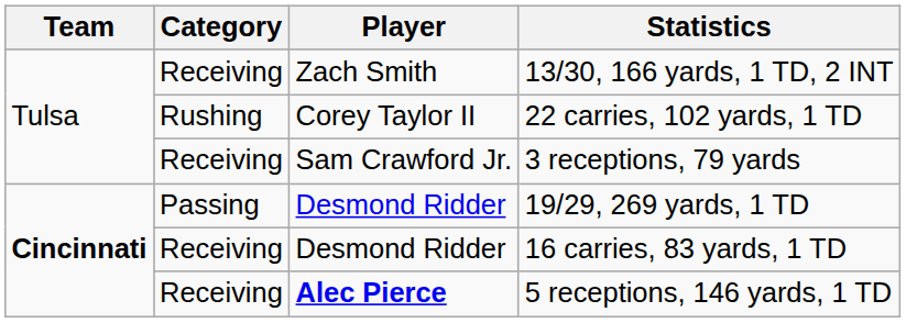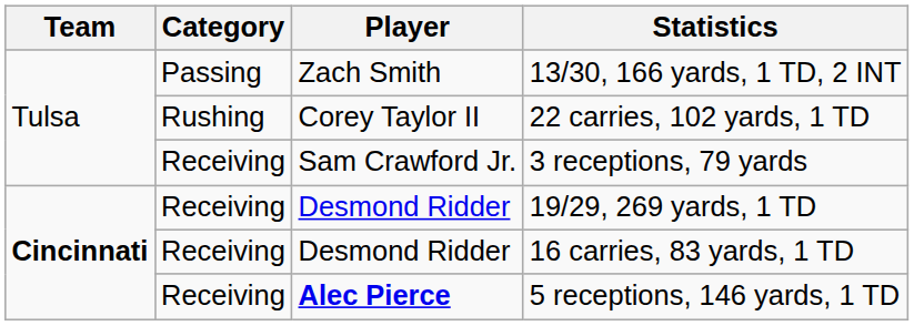 <table class="wikitable" style="float: right;">
 <tr>
 <th>Team</th>
 <th>Category</th>
 <th>Player</th>
 <th>Statistics</th>
 </tr>
 <tr>
 <td rowspan=3>Tulsa</td>
-<td>Receiving</td>
+<td>Passing</td>
 <td>Zach Smith</td>
 <td>13/30, 166 yards, 1 TD, 2 INT</td>
 </tr>
 <tr>
 <td>Rushing</td>
 <td>Corey Taylor II</td>
 <td>22 carries, 102 yards, 1 TD</td>
 </tr>
 <tr>
 <td>Receiving</td>
 <td>Sam Crawford Jr.</td>
 <td>3 receptions, 79 yards</td>
 </tr>
 <tr>
 <td rowspan=3><strong>Cincinnati</strong></td>
-<td>Passing</td>
+<td>Receiving</td>
 <td><a href='#'>Desmond Ridder</a></td>
 <td>19/29, 269 yards, 1 TD</td>
 </tr>
 <tr>
 <td>Receiving</td>
 <td>Desmond Ridder</td>
 <td>16 carries, 83 yards, 1 TD</td>
 </tr>
 <tr>
 <td>Receiving</td>
 <td><strong><a href='#'>Alec Pierce</a></strong></td>
 <td>5 receptions, 146 yards, 1 TD</td>
 </tr>
 </table>
